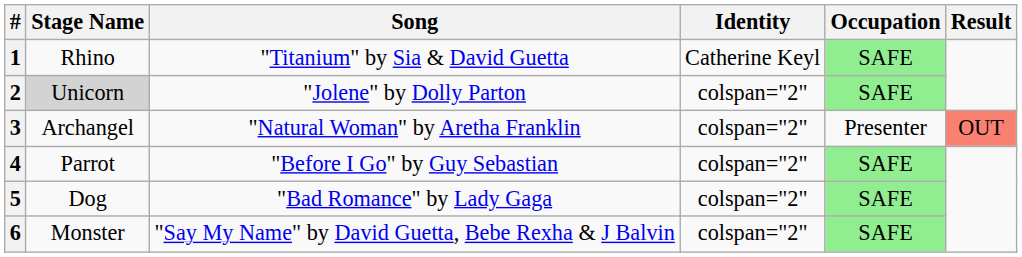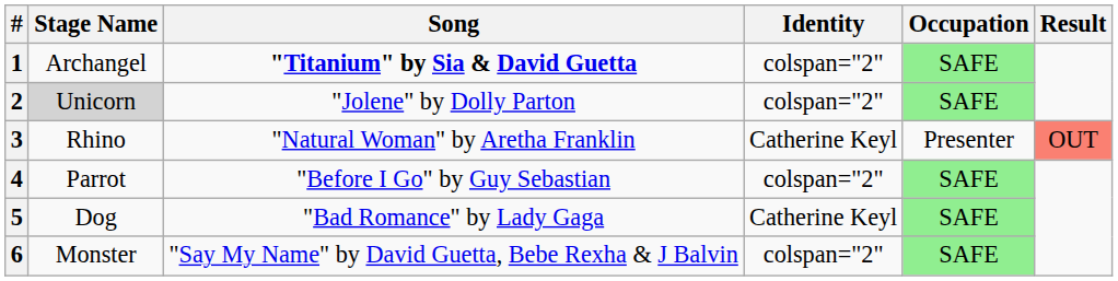 <table class="wikitable plainrowheaders" style="text-align: center;">
 <tr>
 <th>#</th>
 <th>Stage Name</th>
 <th>Song</th>
 <th>Identity</th>
 <th>Occupation</th>
 <th>Result</th>
 </tr>
 <tr>
 <th>1</th>
-<td>Rhino</td>
-<td>"<a href='#'>Titanium</a>" by <a href='#'>Sia</a> & <a href='#'>David Guetta</a></td>
-<td>Catherine Keyl</td>
+<td>Archangel</td>
+<td><strong>"<a href='#'>Titanium</a>" by <a href='#'>Sia</a> & <a href='#'>David Guetta</a></strong></td>
+<td>colspan="2" </td>
 <td bgcolor="lightgreen">SAFE</td>
 </tr>
 <tr>
 <th>2</th>
 <td style="background: lightgrey;">Unicorn</td>
 <td>"<a href='#'>Jolene</a>" by <a href='#'>Dolly Parton</a></td>
 <td>colspan="2" </td>
 <td bgcolor="lightgreen">SAFE</td>
 </tr>
 <tr>
 <th>3</th>
-<td>Archangel</td>
+<td>Rhino</td>
 <td>"<a href='#'>Natural Woman</a>" by <a href='#'>Aretha Franklin</a></td>
-<td>colspan="2" </td>
+<td>Catherine Keyl</td>
 <td>Presenter</td>
 <td bgcolor="salmon">OUT</td>
 </tr>
 <tr>
 <th>4</th>
 <td>Parrot</td>
 <td>"<a href='#'>Before I Go</a>" by <a href='#'>Guy Sebastian</a></td>
 <td>colspan="2" </td>
 <td bgcolor="lightgreen">SAFE</td>
 </tr>
 <tr>
 <th>5</th>
 <td>Dog</td>
 <td>"<a href='#'>Bad Romance</a>" by <a href='#'>Lady Gaga</a></td>
-<td>colspan="2" </td>
+<td>Catherine Keyl</td>
 <td bgcolor="lightgreen">SAFE</td>
 </tr>
 <tr>
 <th>6</th>
 <td>Monster</td>
 <td>"<a href='#'>Say My Name</a>" by <a href='#'>David Guetta</a>, <a href='#'>Bebe Rexha</a> & <a href='#'>J Balvin</a></td>
 <td>colspan="2" </td>
 <td bgcolor="lightgreen">SAFE</td>
 </tr>
 </table>
